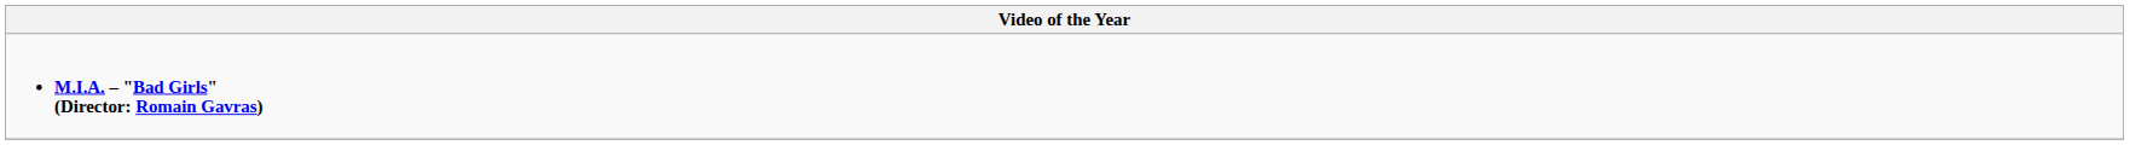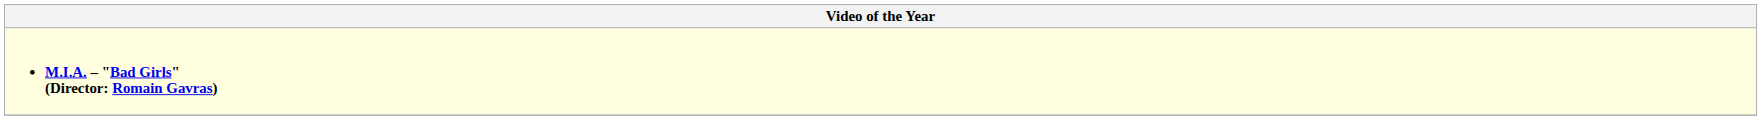 <table class="wikitable" style="width:95%">
 <tr bgcolor="#bebebe">
 <th width="100%">Video of the Year</th>
 </tr>
 <tr>
-<td valign="top"><br><ul><li><strong><a href='#'>M.I.A.</a> – "<a href='#'>Bad Girls</a>"</strong> <br> <strong>(Director: <a href='#'>Romain Gavras</a>)</strong></li></ul></td>
+<td valign="top" style="background: lightyellow;"><br><ul><li><strong><a href='#'>M.I.A.</a> – "<a href='#'>Bad Girls</a>"</strong> <br> <strong>(Director: <a href='#'>Romain Gavras</a>)</strong></li></ul></td>
 </tr>
 <tr>
 </tr>
 </table>
